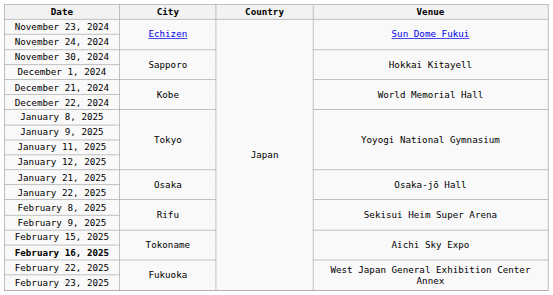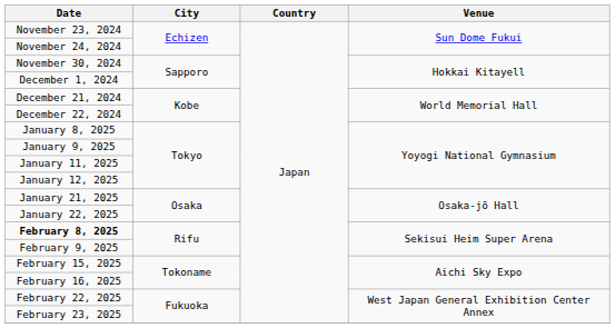 <table class="wikitable" style="text-align:center;">
 <tr>
 <th scope="col" style="width:12em;">Date</th>
 <th scope="col" style="width:10em;">City</th>
 <th scope="col" style="width:10em;">Country</th>
 <th scope="col" style="width:25em;">Venue</th>
 </tr>
 <tr>
 <td>November 23, 2024</td>
 <td rowspan="2"><a href='#'>Echizen</a></td>
 <td rowspan="18">Japan</td>
 <td rowspan="2"><a href='#'>Sun Dome Fukui</a></td>
 </tr>
 <tr>
 <td>November 24, 2024</td>
 </tr>
 <tr>
 <td>November 30, 2024</td>
 <td rowspan="2">Sapporo</td>
 <td rowspan="2">Hokkai Kitayell</td>
 </tr>
 <tr>
 <td>December 1, 2024</td>
 </tr>
 <tr>
 <td>December 21, 2024</td>
 <td rowspan="2">Kobe</td>
 <td rowspan="2">World Memorial Hall</td>
 </tr>
 <tr>
 <td>December 22, 2024</td>
 </tr>
 <tr>
 <td>January 8, 2025</td>
 <td rowspan="4">Tokyo</td>
 <td rowspan="4">Yoyogi National Gymnasium</td>
 </tr>
 <tr>
 <td>January 9, 2025</td>
 </tr>
 <tr>
 <td>January 11, 2025</td>
 </tr>
 <tr>
 <td>January 12, 2025</td>
 </tr>
 <tr>
 <td>January 21, 2025</td>
 <td rowspan="2">Osaka</td>
 <td rowspan="2">Osaka-jō Hall</td>
 </tr>
 <tr>
 <td>January 22, 2025</td>
 </tr>
 <tr>
-<td>February 8, 2025</td>
+<td><strong>February 8, 2025</strong></td>
 <td rowspan="2">Rifu</td>
 <td rowspan="2">Sekisui Heim Super Arena</td>
 </tr>
 <tr>
 <td>February 9, 2025</td>
 </tr>
 <tr>
 <td>February 15, 2025</td>
 <td rowspan="2">Tokoname</td>
 <td rowspan="2">Aichi Sky Expo</td>
 </tr>
 <tr>
-<td><strong>February 16, 2025</strong></td>
+<td>February 16, 2025</td>
 </tr>
 <tr>
 <td>February 22, 2025</td>
 <td rowspan="2">Fukuoka</td>
 <td rowspan="2">West Japan General Exhibition Center Annex</td>
 </tr>
 <tr>
 <td>February 23, 2025</td>
 </tr>
 <tr>
 </tr>
 </table>
